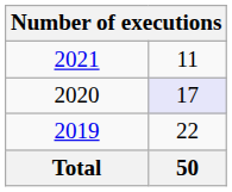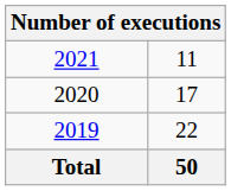 <table class="wikitable" style="text-align:center;">
 <tr>
 <th ! colspan="2">Number of executions</th>
 </tr>
 <tr>
 <td><a href='#'>2021</a></td>
 <td>11</td>
 </tr>
 <tr>
 <td>2020</td>
-<td style="background: lavender;">17</td>
+<td>17</td>
 </tr>
 <tr>
 <td><a href='#'>2019</a></td>
 <td>22</td>
 </tr>
 <tr>
 <th>Total</th>
 <th>50</th>
 </tr>
 </table>
